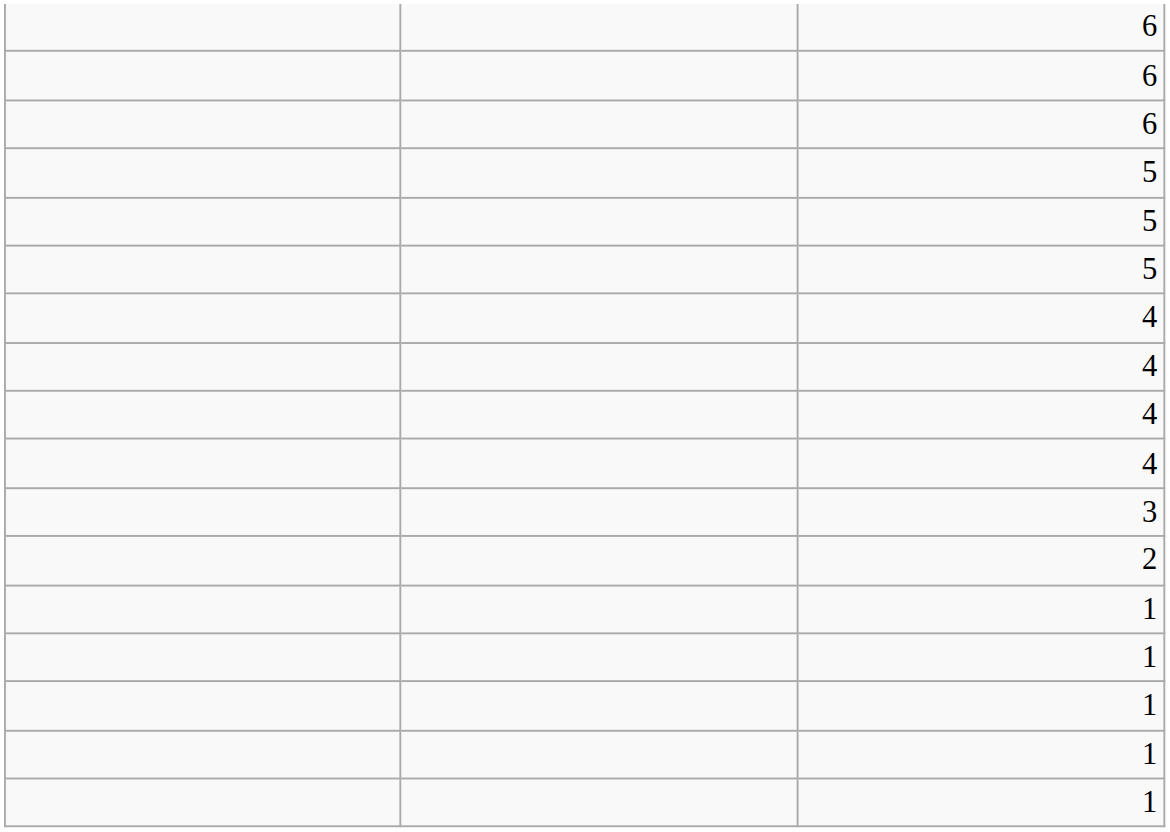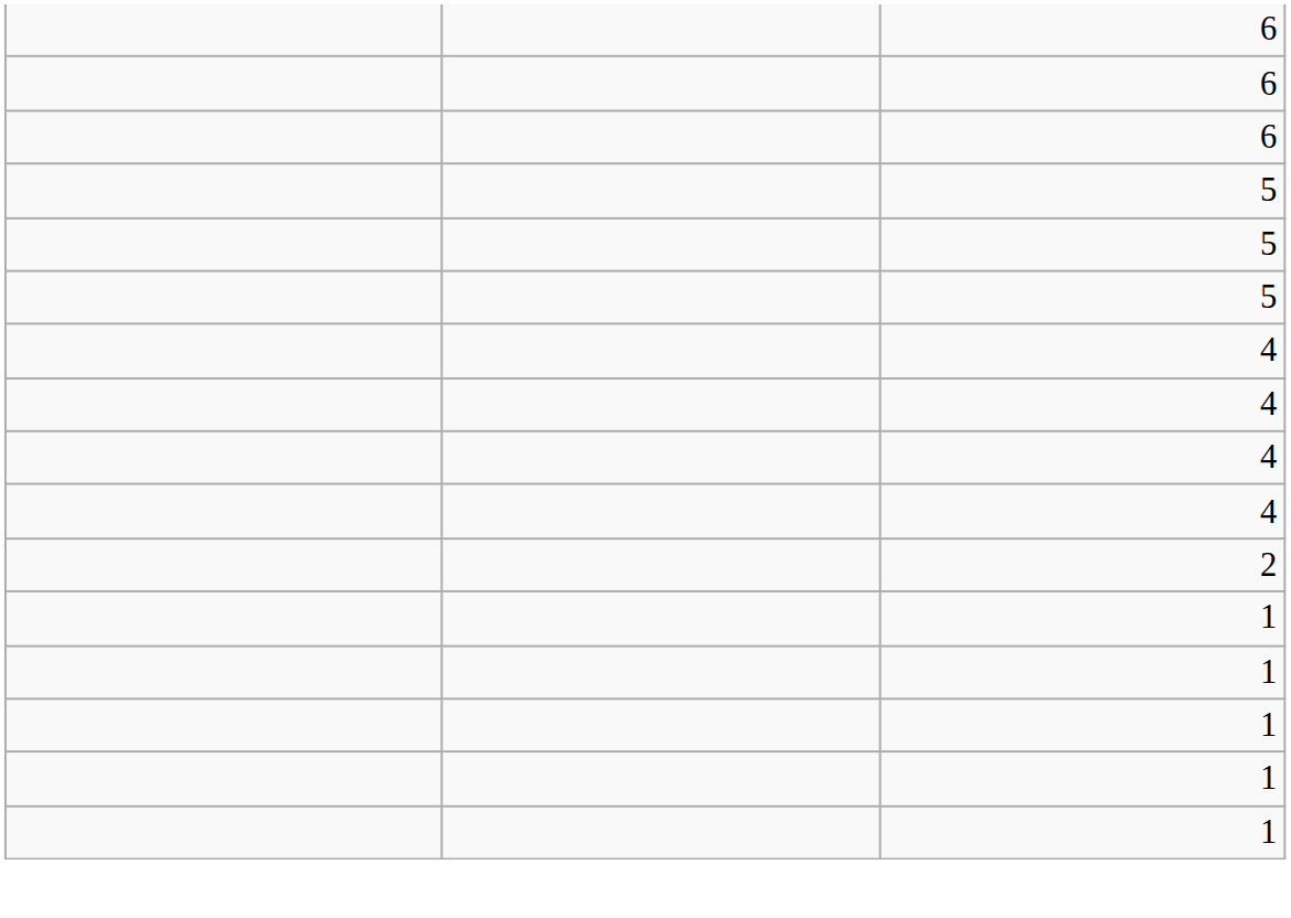 <table class="collapsible collapsed wikitable" style="width:38em; margin-top:0; border-top-width:0;">
 <tr>
 <td style="width:200px; border-top-width:inherit;"></td>
 <td style="width:200px; border-top-width:inherit;"></td>
 <th style="text-align:right; font-weight:500; background:#f9f9f9; border-top-width:inherit;">6</th>
 </tr>
 <tr>
 <td></td>
 <td></td>
 <td style="text-align:right;">6</td>
 </tr>
 <tr>
 <td></td>
 <td></td>
 <td style="text-align:right;">6</td>
 </tr>
 <tr>
 <td></td>
 <td></td>
 <td style="text-align:right;">5</td>
 </tr>
 <tr>
 <td></td>
 <td></td>
 <td style="text-align:right;">5</td>
 </tr>
 <tr>
 <td></td>
 <td></td>
 <td style="text-align:right;">5</td>
 </tr>
 <tr>
 <td></td>
 <td></td>
 <td style="text-align:right;">4</td>
 </tr>
 <tr>
 <td></td>
 <td></td>
 <td style="text-align:right;">4</td>
 </tr>
 <tr>
 <td></td>
 <td></td>
 <td style="text-align:right;">4</td>
 </tr>
 <tr>
 <td></td>
 <td></td>
 <td style="text-align:right;">4</td>
 </tr>
 <tr>
 <td></td>
 <td></td>
-<td style="text-align:right;">3</td>
-</tr>
-<tr>
-<td></td>
-<td></td>
 <td style="text-align:right;">2</td>
 </tr>
 <tr>
 <td></td>
 <td></td>
 <td style="text-align:right;">1</td>
 </tr>
 <tr>
 <td></td>
 <td></td>
 <td style="text-align:right;">1</td>
 </tr>
 <tr>
 <td></td>
 <td></td>
 <td style="text-align:right;">1</td>
 </tr>
 <tr>
 <td></td>
 <td></td>
 <td style="text-align:right;">1</td>
 </tr>
 <tr>
 <td></td>
 <td></td>
 <td style="text-align:right;">1</td>
 </tr>
 </table>
